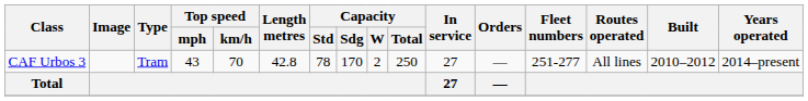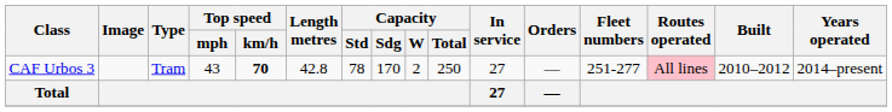 <table class="wikitable" style="text-align:center;">
 <tr ---- bgcolor=#f9f9f9>
 <th rowspan="2">Class</th>
 <th rowspan="2">Image</th>
 <th rowspan="2">Type</th>
 <th colspan="2"> Top speed </th>
 <th rowspan="2">Length<br>metres</th>
 <th colspan="4"> Capacity </th>
 <th rowspan="2">In<br>service</th>
 <th rowspan="2">Orders</th>
 <th rowspan="2">Fleet<br>numbers</th>
 <th rowspan="2">Routes<br>operated</th>
 <th rowspan="2">Built</th>
 <th rowspan="2">Years<br>operated</th>
 </tr>
 <tr style="background:#f9f9f9;">
 <th> mph </th>
 <th> km/h </th>
 <th><abbr>Std</abbr></th>
 <th><abbr>Sdg</abbr></th>
 <th><abbr>W</abbr></th>
 <th>Total</th>
 </tr>
 <tr>
 <td><a href='#'>CAF Urbos 3</a></td>
 <td></td>
 <td><a href='#'>Tram</a></td>
 <td>43</td>
-<td>70</td>
+<td><strong>70</strong></td>
 <td>42.8</td>
 <td>78</td>
 <td>170</td>
 <td>2</td>
 <td>250</td>
 <td>27</td>
 <td>—</td>
 <td>251-277</td>
-<td>All lines</td>
+<td style="background: pink;">All lines</td>
 <td>2010–2012</td>
 <td>2014–present</td>
 </tr>
 <tr>
 <th>Total</th>
 <th colspan="9"></th>
 <th>27</th>
 <th>—</th>
 <th colspan="4"></th>
 </tr>
 <tr>
 </tr>
 </table>
